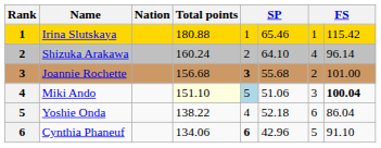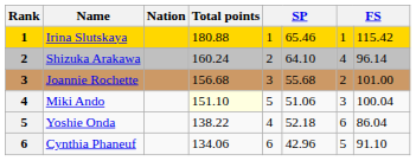 <table class="wikitable">
 <tr>
 <th>Rank</th>
 <th>Name</th>
 <th>Nation</th>
 <th>Total points</th>
 <th colspan="2" width="80px"><a href='#'>SP</a></th>
 <th colspan="2" width="80px"><a href='#'>FS</a></th>
 </tr>
 <tr bgcolor="gold">
 <td align="center"><strong>1</strong></td>
 <td><a href='#'>Irina Slutskaya</a></td>
 <td></td>
 <td>180.88</td>
 <td>1</td>
 <td>65.46</td>
 <td>1</td>
 <td>115.42</td>
 </tr>
 <tr bgcolor="silver">
 <td align="center"><strong>2</strong></td>
 <td><a href='#'>Shizuka Arakawa</a></td>
 <td></td>
 <td>160.24</td>
 <td>2</td>
 <td>64.10</td>
 <td>4</td>
 <td>96.14</td>
 </tr>
 <tr bgcolor="cc9966">
 <td align="center"><strong>3</strong></td>
 <td><a href='#'>Joannie Rochette</a></td>
 <td></td>
 <td>156.68</td>
-<td><strong>3</strong></td>
+<td>3</td>
 <td>55.68</td>
 <td>2</td>
 <td>101.00</td>
 </tr>
 <tr>
 <th>4</th>
 <td><a href='#'>Miki Ando</a></td>
 <td></td>
 <td style="background: lightyellow;">151.10</td>
-<td style="background: lightblue;">5</td>
+<td>5</td>
 <td>51.06</td>
 <td>3</td>
-<td><strong>100.04</strong></td>
+<td>100.04</td>
 </tr>
 <tr>
 <th>5</th>
 <td><a href='#'>Yoshie Onda</a></td>
 <td></td>
 <td>138.22</td>
 <td>4</td>
 <td>52.18</td>
 <td>6</td>
 <td>86.04</td>
 </tr>
 <tr>
 <th>6</th>
 <td><a href='#'>Cynthia Phaneuf</a></td>
 <td></td>
 <td>134.06</td>
-<td><strong>6</strong></td>
+<td>6</td>
 <td>42.96</td>
 <td>5</td>
 <td>91.10</td>
 </tr>
 </table>
